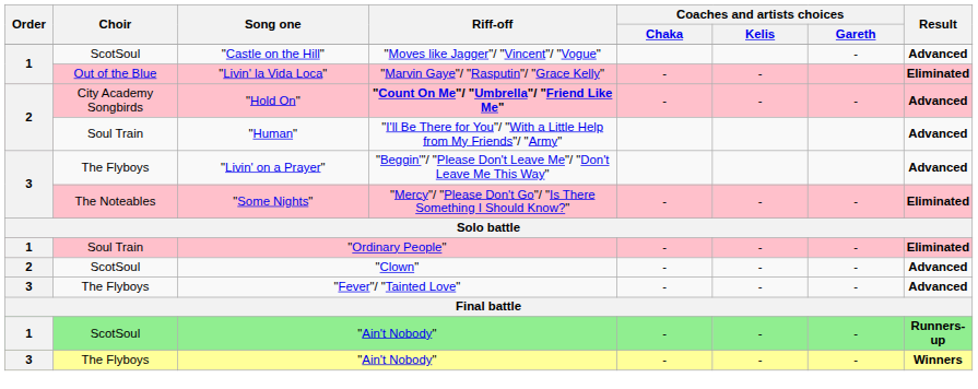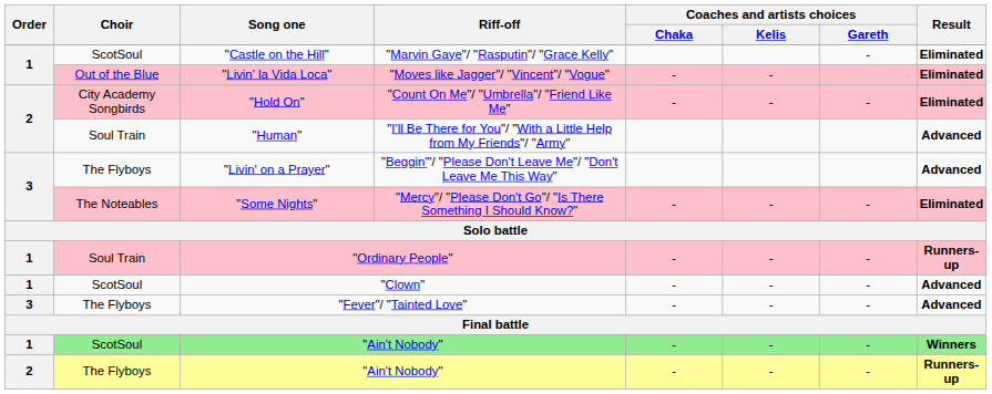 <table class="wikitable plainrowheaders" style="text-align:center;">
 <tr>
 <th scope="col" rowspan="2" style="width:05%;">Order</th>
 <th scope="col" rowspan="2" style="width:13%;">Choir</th>
 <th scope="col" rowspan="2" style="width:20%;">Song one</th>
 <th scope="col" rowspan="2" style="width:26%;">Riff-off</th>
 <th colspan="3" style="width:40%;">Coaches and artists choices</th>
 <th scope="col" rowspan="2" style="width:05%;">Result</th>
 </tr>
 <tr>
 <th style="width:10%;"><a href='#'>Chaka</a></th>
 <th style="width:10%;"><a href='#'>Kelis</a></th>
 <th style="width:10%;"><a href='#'>Gareth</a></th>
 </tr>
 <tr>
 </tr>
 <tr>
 <th rowspan="2" scope="row">1</th>
 <td>ScotSoul</td>
 <td>"<a href='#'>Castle on the Hill</a>"</td>
-<td>"<a href='#'>Moves like Jagger</a>"/ "<a href='#'>Vincent</a>"/ "<a href='#'>Vogue</a>"</td>
+<td>"<a href='#'>Marvin Gaye</a>"/ "<a href='#'>Rasputin</a>"/ "<a href='#'>Grace Kelly</a>"</td>
 <td><strong></strong></td>
 <td><strong></strong></td>
 <td>-</td>
-<td><strong>Advanced</strong></td>
+<td><strong>Eliminated</strong></td>
 </tr>
 <tr style="background:pink;">
 <td><a href='#'>Out of the Blue</a></td>
 <td>"<a href='#'>Livin' la Vida Loca</a>"</td>
-<td>"<a href='#'>Marvin Gaye</a>"/ "<a href='#'>Rasputin</a>"/ "<a href='#'>Grace Kelly</a>"</td>
+<td>"<a href='#'>Moves like Jagger</a>"/ "<a href='#'>Vincent</a>"/ "<a href='#'>Vogue</a>"</td>
 <td>-</td>
 <td>-</td>
 <td><strong></strong></td>
 <td><strong>Eliminated</strong></td>
 </tr>
 <tr style="background:pink;">
 <th rowspan="2" scope="row">2</th>
 <td>City Academy Songbirds</td>
 <td>"<a href='#'>Hold On</a>"</td>
-<td><strong>"<a href='#'>Count On Me</a>"/ "<a href='#'>Umbrella</a>"/ "<a href='#'>Friend Like Me</a>"</strong></td>
+<td>"<a href='#'>Count On Me</a>"/ "<a href='#'>Umbrella</a>"/ "<a href='#'>Friend Like Me</a>"</td>
 <td>-</td>
 <td>-</td>
 <td>-</td>
-<td><strong>Advanced</strong></td>
+<td><strong>Eliminated</strong></td>
 </tr>
 <tr>
 <td>Soul Train</td>
 <td>"<a href='#'>Human</a>"</td>
 <td>"<a href='#'>I'll Be There for You</a>"/ "<a href='#'>With a Little Help from My Friends</a>"/ "<a href='#'>Army</a>"</td>
 <td><strong></strong></td>
 <td><strong></strong></td>
 <td><strong></strong></td>
 <td><strong>Advanced</strong></td>
 </tr>
 <tr>
 <th rowspan="2" scope="row">3</th>
 <td>The Flyboys</td>
 <td>"<a href='#'>Livin' on a Prayer</a>"</td>
 <td>"<a href='#'>Beggin'</a>"/ "<a href='#'>Please Don't Leave Me</a>"/ "<a href='#'>Don't Leave Me This Way</a>"</td>
 <td><strong></strong></td>
 <td><strong></strong></td>
 <td><strong></strong></td>
 <td><strong>Advanced</strong></td>
 </tr>
 <tr style="background:pink;">
 <td>The Noteables</td>
 <td>"<a href='#'>Some Nights</a>"</td>
 <td>"<a href='#'>Mercy</a>"/ "<a href='#'>Please Don't Go</a>"/ "<a href='#'>Is There Something I Should Know?</a>"</td>
 <td>-</td>
 <td>-</td>
 <td>-</td>
 <td><strong>Eliminated</strong></td>
 </tr>
 <tr>
 <th colspan="8">Solo battle</th>
 </tr>
 <tr style="background:pink;">
 <th scope="row">1</th>
 <td>Soul Train</td>
 <td colspan="2">"<a href='#'>Ordinary People</a>"</td>
 <td>-</td>
 <td>-</td>
 <td>-</td>
-<td><strong>Eliminated</strong></td>
+<td><strong>Runners-up</strong></td>
 </tr>
 <tr>
-<th scope="row">2</th>
+<th scope="row">1</th>
 <td>ScotSoul</td>
 <td colspan="2">"<a href='#'>Clown</a>"</td>
 <td>-</td>
 <td>-</td>
 <td>-</td>
 <td><strong>Advanced</strong></td>
 </tr>
 <tr>
 <th scope="row">3</th>
 <td>The Flyboys</td>
 <td colspan="2">"<a href='#'>Fever</a>"/ "<a href='#'>Tainted Love</a>"</td>
 <td>-</td>
 <td>-</td>
 <td>-</td>
 <td><strong>Advanced</strong></td>
 </tr>
 <tr>
 <th colspan="8">Final battle</th>
 </tr>
 <tr style="background:lightgreen;">
 <th scope="row">1</th>
 <td>ScotSoul</td>
 <td colspan="2">"<a href='#'>Ain't Nobody</a>"</td>
 <td>-</td>
 <td>-</td>
 <td>-</td>
-<td><strong>Runners-up</strong></td>
+<td><strong>Winners</strong></td>
 </tr>
 <tr style="background:#ff9;">
-<th scope="row">3</th>
+<th scope="row">2</th>
 <td>The Flyboys</td>
 <td colspan="2">"<a href='#'>Ain't Nobody</a>"</td>
 <td>-</td>
 <td>-</td>
 <td>-</td>
-<td><strong>Winners</strong></td>
+<td><strong>Runners-up</strong></td>
 </tr>
 </table>
